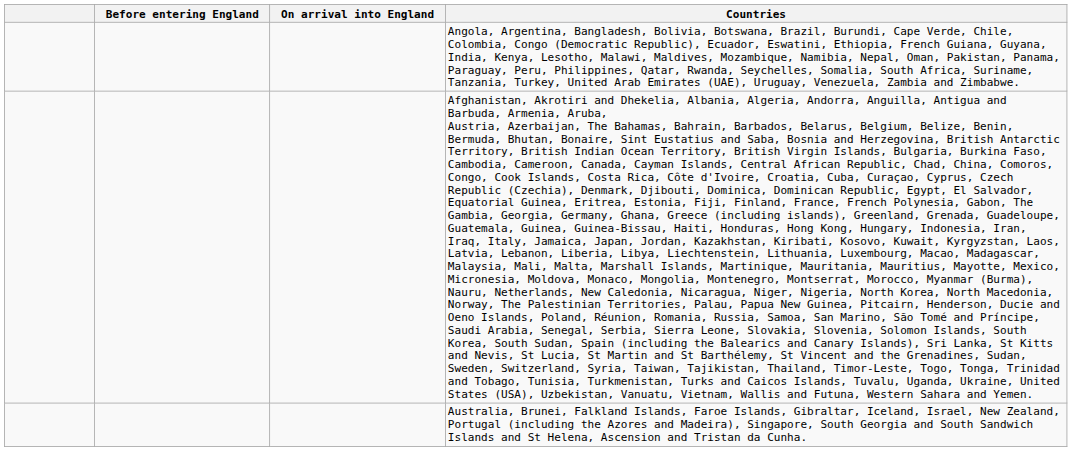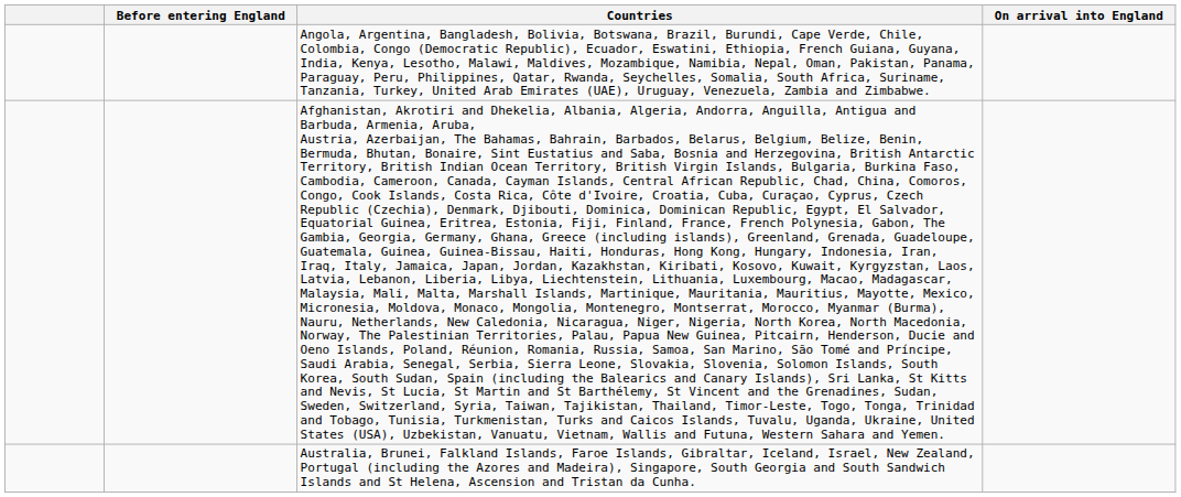 <table class="wikitable">
 <tr>
 <th style="width: 100px"></th>
 <th style="width: 200px">Before entering England</th>
+<th>Countries</th>
 <th style="width: 200px">On arrival into England</th>
-<th>Countries</th>
 </tr>
 <tr>
 <td></td>
 <td></td>
+<td>Angola, Argentina, Bangladesh, Bolivia, Botswana, Brazil, Burundi, Cape Verde, Chile, Colombia, Congo (Democratic Republic), Ecuador, Eswatini, Ethiopia, French Guiana, Guyana, India, Kenya, Lesotho, Malawi, Maldives, Mozambique, Namibia, Nepal, Oman, Pakistan, Panama, Paraguay, Peru, Philippines, Qatar, Rwanda, Seychelles, Somalia, South Africa, Suriname, Tanzania, Turkey, United Arab Emirates (UAE), Uruguay, Venezuela, Zambia and Zimbabwe.</td>
 <td></td>
-<td>Angola, Argentina, Bangladesh, Bolivia, Botswana, Brazil, Burundi, Cape Verde, Chile, Colombia, Congo (Democratic Republic), Ecuador, Eswatini, Ethiopia, French Guiana, Guyana, India, Kenya, Lesotho, Malawi, Maldives, Mozambique, Namibia, Nepal, Oman, Pakistan, Panama, Paraguay, Peru, Philippines, Qatar, Rwanda, Seychelles, Somalia, South Africa, Suriname, Tanzania, Turkey, United Arab Emirates (UAE), Uruguay, Venezuela, Zambia and Zimbabwe.</td>
 </tr>
 <tr>
 <td></td>
 <td></td>
+<td>Afghanistan, Akrotiri and Dhekelia, Albania, Algeria, Andorra, Anguilla, Antigua and Barbuda, Armenia, Aruba,<br>Austria, Azerbaijan, The Bahamas, Bahrain, Barbados, Belarus, Belgium, Belize, Benin, Bermuda, Bhutan, Bonaire, Sint Eustatius and Saba, Bosnia and Herzegovina, British Antarctic Territory, British Indian Ocean Territory, British Virgin Islands, Bulgaria, Burkina Faso, Cambodia, Cameroon, Canada, Cayman Islands, Central African Republic,  Chad, China, Comoros, Congo, Cook Islands, Costa Rica, Côte d'Ivoire, Croatia, Cuba, Curaçao, Cyprus, Czech Republic (Czechia), Denmark, Djibouti, Dominica, Dominican Republic, Egypt, El Salvador, Equatorial Guinea, Eritrea, Estonia, Fiji, Finland, France, French Polynesia, Gabon, The Gambia, Georgia, Germany, Ghana, Greece (including islands), Greenland, Grenada, Guadeloupe, Guatemala, Guinea, Guinea-Bissau, Haiti, Honduras, Hong Kong, Hungary, Indonesia, Iran, Iraq, Italy, Jamaica, Japan, Jordan, Kazakhstan, Kiribati, Kosovo, Kuwait, Kyrgyzstan, Laos, Latvia, Lebanon, Liberia, Libya, Liechtenstein, Lithuania, Luxembourg, Macao, Madagascar, Malaysia, Mali, Malta, Marshall Islands, Martinique, Mauritania, Mauritius, Mayotte, Mexico, Micronesia, Moldova, Monaco, Mongolia, Montenegro, Montserrat, Morocco, Myanmar (Burma), Nauru, Netherlands, New Caledonia, Nicaragua, Niger, Nigeria, North Korea, North Macedonia, Norway, The Palestinian Territories, Palau, Papua New Guinea, Pitcairn, Henderson, Ducie and Oeno Islands, Poland, Réunion, Romania, Russia, Samoa, San Marino, São Tomé and Príncipe, Saudi Arabia, Senegal, Serbia, Sierra Leone, Slovakia, Slovenia, Solomon Islands, South Korea, South Sudan, Spain (including the Balearics and Canary Islands), Sri Lanka, St Kitts and Nevis, St Lucia, St Martin and St Barthélemy, St Vincent and the Grenadines, Sudan, Sweden, Switzerland, Syria, Taiwan, Tajikistan, Thailand, Timor-Leste, Togo, Tonga, Trinidad and Tobago, Tunisia, Turkmenistan, Turks and Caicos Islands, Tuvalu, Uganda, Ukraine, United States (USA), Uzbekistan, Vanuatu, Vietnam, Wallis and Futuna, Western Sahara and Yemen.</td>
 <td></td>
-<td>Afghanistan, Akrotiri and Dhekelia, Albania, Algeria, Andorra, Anguilla, Antigua and Barbuda, Armenia, Aruba,<br>Austria, Azerbaijan, The Bahamas, Bahrain, Barbados, Belarus, Belgium, Belize, Benin, Bermuda, Bhutan, Bonaire, Sint Eustatius and Saba, Bosnia and Herzegovina, British Antarctic Territory, British Indian Ocean Territory, British Virgin Islands, Bulgaria, Burkina Faso, Cambodia, Cameroon, Canada, Cayman Islands, Central African Republic,  Chad, China, Comoros, Congo, Cook Islands, Costa Rica, Côte d'Ivoire, Croatia, Cuba, Curaçao, Cyprus, Czech Republic (Czechia), Denmark, Djibouti, Dominica, Dominican Republic, Egypt, El Salvador, Equatorial Guinea, Eritrea, Estonia, Fiji, Finland, France, French Polynesia, Gabon, The Gambia, Georgia, Germany, Ghana, Greece (including islands), Greenland, Grenada, Guadeloupe, Guatemala, Guinea, Guinea-Bissau, Haiti, Honduras, Hong Kong, Hungary, Indonesia, Iran, Iraq, Italy, Jamaica, Japan, Jordan, Kazakhstan, Kiribati, Kosovo, Kuwait, Kyrgyzstan, Laos, Latvia, Lebanon, Liberia, Libya, Liechtenstein, Lithuania, Luxembourg, Macao, Madagascar, Malaysia, Mali, Malta, Marshall Islands, Martinique, Mauritania, Mauritius, Mayotte, Mexico, Micronesia, Moldova, Monaco, Mongolia, Montenegro, Montserrat, Morocco, Myanmar (Burma), Nauru, Netherlands, New Caledonia, Nicaragua, Niger, Nigeria, North Korea, North Macedonia, Norway, The Palestinian Territories, Palau, Papua New Guinea, Pitcairn, Henderson, Ducie and Oeno Islands, Poland, Réunion, Romania, Russia, Samoa, San Marino, São Tomé and Príncipe, Saudi Arabia, Senegal, Serbia, Sierra Leone, Slovakia, Slovenia, Solomon Islands, South Korea, South Sudan, Spain (including the Balearics and Canary Islands), Sri Lanka, St Kitts and Nevis, St Lucia, St Martin and St Barthélemy, St Vincent and the Grenadines, Sudan, Sweden, Switzerland, Syria, Taiwan, Tajikistan, Thailand, Timor-Leste, Togo, Tonga, Trinidad and Tobago, Tunisia, Turkmenistan, Turks and Caicos Islands, Tuvalu, Uganda, Ukraine, United States (USA), Uzbekistan, Vanuatu, Vietnam, Wallis and Futuna, Western Sahara and Yemen.</td>
 </tr>
 <tr>
 <td></td>
 <td></td>
+<td>Australia, Brunei, Falkland Islands, Faroe Islands, Gibraltar, Iceland, Israel, New Zealand, Portugal (including the Azores and Madeira), Singapore, South Georgia and South Sandwich Islands and St Helena, Ascension and Tristan da Cunha.</td>
 <td></td>
-<td>Australia, Brunei, Falkland Islands, Faroe Islands, Gibraltar, Iceland, Israel, New Zealand, Portugal (including the Azores and Madeira), Singapore, South Georgia and South Sandwich Islands and St Helena, Ascension and Tristan da Cunha.</td>
 </tr>
 </table>
